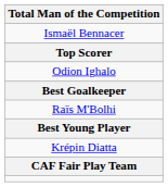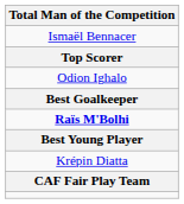 <table class="wikitable" style="margin:auto;text-align:center">
 <tr>
 <th>Total Man of the Competition</th>
 </tr>
 <tr>
 <td> <a href='#'>Ismaël Bennacer</a></td>
 </tr>
 <tr>
 <th>Top Scorer</th>
 </tr>
 <tr>
 <td> <a href='#'>Odion Ighalo</a><br></td>
 </tr>
 <tr>
 <th>Best Goalkeeper</th>
 </tr>
 <tr>
-<td> <a href='#'>Raïs M'Bolhi</a></td>
+<td><strong> <a href='#'>Raïs M'Bolhi</a></strong></td>
 </tr>
 <tr>
 <th>Best Young Player</th>
 </tr>
 <tr>
 <td> <a href='#'>Krépin Diatta</a></td>
 </tr>
 <tr>
 <th>CAF Fair Play Team</th>
 </tr>
 <tr>
 <td></td>
 </tr>
 </table>
